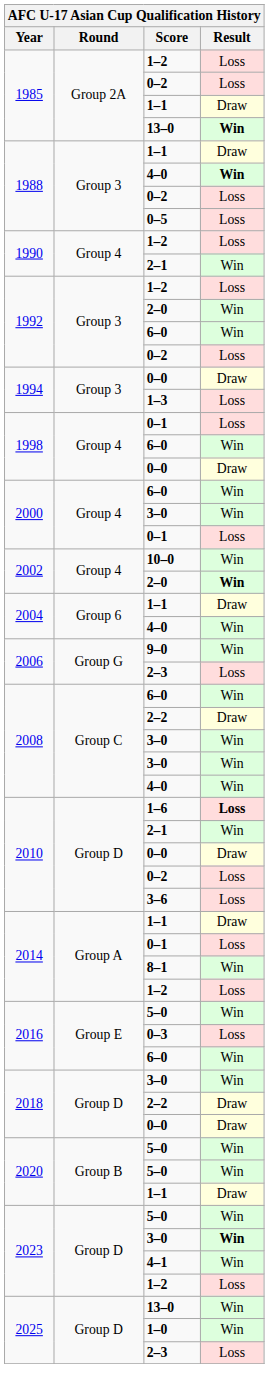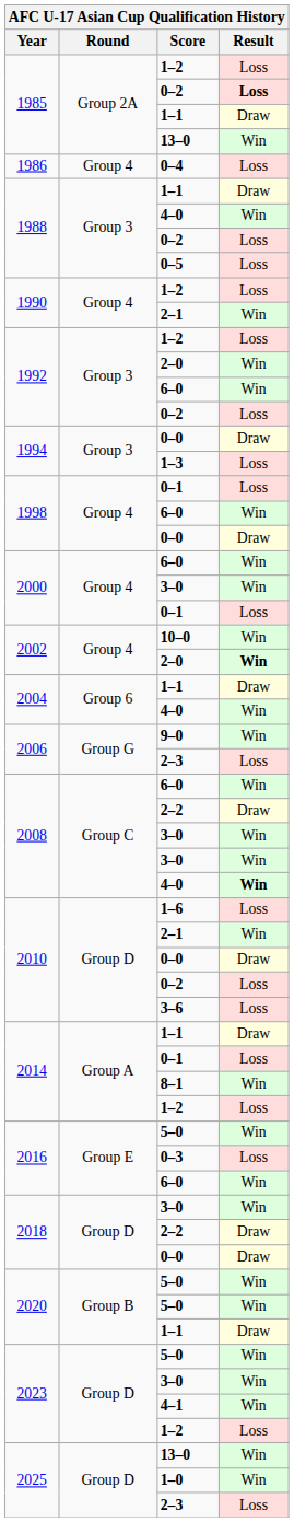 <table class="wikitable collapsible collapsed" style="text-align: center;font-size:85%;">
 <tr>
 <th colspan=4>AFC U-17 Asian Cup Qualification History</th>
 </tr>
 <tr>
 <th>Year</th>
 <th>Round</th>
 <th>Score</th>
 <th>Result</th>
 </tr>
 <tr>
 <td rowspan=4><a href='#'>1985</a></td>
 <td rowspan=4>Group 2A</td>
 <td align="left"> <strong>1–2</strong> </td>
 <td style="background:#fdd;">Loss</td>
 </tr>
 <tr>
 <td align="left"> <strong>0–2</strong> </td>
-<td style="background:#fdd;">Loss</td>
+<td style="background:#fdd;"><strong>Loss</strong></td>
 </tr>
 <tr>
 <td align="left"> <strong>1–1</strong> </td>
 <td style="background:#ffd;">Draw</td>
 </tr>
 <tr>
 <td align="left"> <strong>13–0</strong> </td>
-<td style="background:#dfd;"><strong>Win</strong></td>
+<td style="background:#dfd;">Win</td>
+</tr>
+<tr>
+<td rowspan=1><a href='#'>1986</a></td>
+<td rowspan=1>Group 4</td>
+<td align="left"> <strong>0–4</strong> </td>
+<td style="background:#fdd;">Loss</td>
 </tr>
 <tr>
 <td rowspan=4><a href='#'>1988</a></td>
 <td rowspan=4>Group 3</td>
 <td align="left"> <strong>1–1</strong> </td>
 <td style="background:#ffd;">Draw</td>
 </tr>
 <tr>
 <td align="left"> <strong>4–0</strong> </td>
-<td style="background:#dfd;"><strong>Win</strong></td>
+<td style="background:#dfd;">Win</td>
 </tr>
 <tr>
 <td align="left"> <strong>0–2</strong> </td>
 <td style="background:#fdd;">Loss</td>
 </tr>
 <tr>
 <td align="left"> <strong>0–5</strong> </td>
 <td style="background:#fdd;">Loss</td>
 </tr>
 <tr>
 <td rowspan=2><a href='#'>1990</a></td>
 <td rowspan=2>Group 4</td>
 <td align="left"> <strong>1–2</strong> </td>
 <td style="background:#fdd;">Loss</td>
 </tr>
 <tr>
 <td align="left"> <strong>2–1</strong> </td>
 <td style="background:#dfd;">Win</td>
 </tr>
 <tr>
 <td rowspan=4><a href='#'>1992</a></td>
 <td rowspan=4>Group 3</td>
 <td align="left"> <strong>1–2</strong> </td>
 <td style="background:#fdd;">Loss</td>
 </tr>
 <tr>
 <td align="left"> <strong>2–0</strong> </td>
 <td style="background:#dfd;">Win</td>
 </tr>
 <tr>
 <td align="left"> <strong>6–0</strong> </td>
 <td style="background:#dfd;">Win</td>
 </tr>
 <tr>
 <td align="left"> <strong>0–2</strong> </td>
 <td style="background:#fdd;">Loss</td>
 </tr>
 <tr>
 <td rowspan=2><a href='#'>1994</a></td>
 <td rowspan=2>Group 3</td>
 <td align="left"> <strong>0–0</strong> </td>
 <td style="background:#ffd;">Draw</td>
 </tr>
 <tr>
 <td align="left"> <strong>1–3</strong> </td>
 <td style="background:#fdd;">Loss</td>
 </tr>
 <tr>
 <td rowspan=3><a href='#'>1998</a></td>
 <td rowspan=3>Group 4</td>
 <td align="left"> <strong>0–1</strong> </td>
 <td style="background:#fdd;">Loss</td>
 </tr>
 <tr>
 <td align="left"> <strong>6–0</strong> </td>
 <td style="background:#dfd;">Win</td>
 </tr>
 <tr>
 <td align="left"> <strong>0–0</strong> </td>
 <td style="background:#ffd;">Draw</td>
 </tr>
 <tr>
 <td rowspan=3><a href='#'>2000</a></td>
 <td rowspan=3>Group 4</td>
 <td align="left"> <strong>6–0</strong> </td>
 <td style="background:#dfd;">Win</td>
 </tr>
 <tr>
 <td align="left"> <strong>3–0</strong> </td>
 <td style="background:#dfd;">Win</td>
 </tr>
 <tr>
 <td align="left"> <strong>0–1</strong> </td>
 <td style="background:#fdd;">Loss</td>
 </tr>
 <tr>
 <td rowspan=2><a href='#'>2002</a></td>
 <td rowspan=2>Group 4</td>
 <td align="left"> <strong>10–0</strong> </td>
 <td style="background:#dfd;">Win</td>
 </tr>
 <tr>
 <td align="left"> <strong>2–0</strong> </td>
 <td style="background:#dfd;"><strong>Win</strong></td>
 </tr>
 <tr>
 <td rowspan=2><a href='#'>2004</a></td>
 <td rowspan=2>Group 6</td>
 <td align="left"> <strong>1–1</strong> </td>
 <td style="background:#ffd;">Draw</td>
 </tr>
 <tr>
 <td align="left"> <strong>4–0</strong> </td>
 <td style="background:#dfd;">Win</td>
 </tr>
 <tr>
 <td rowspan=2><a href='#'>2006</a></td>
 <td rowspan=2>Group G</td>
 <td align="left"> <strong>9–0</strong> </td>
 <td style="background:#dfd;">Win</td>
 </tr>
 <tr>
 <td align="left"> <strong>2–3</strong> </td>
 <td style="background:#fdd;">Loss</td>
 </tr>
 <tr>
 <td rowspan=5><a href='#'>2008</a></td>
 <td rowspan=5>Group C</td>
 <td align="left"> <strong>6–0</strong> </td>
 <td style="background:#dfd;">Win</td>
 </tr>
 <tr>
 <td align="left"> <strong>2–2</strong> </td>
 <td style="background:#ffd;">Draw</td>
 </tr>
 <tr>
 <td align="left"> <strong>3–0</strong> </td>
 <td style="background:#dfd;">Win</td>
 </tr>
 <tr>
 <td align="left"> <strong>3–0</strong> </td>
 <td style="background:#dfd;">Win</td>
 </tr>
 <tr>
 <td align="left"> <strong>4–0</strong> </td>
-<td style="background:#dfd;">Win</td>
+<td style="background:#dfd;"><strong>Win</strong></td>
 </tr>
 <tr>
 <td rowspan=5><a href='#'>2010</a></td>
 <td rowspan=5>Group D</td>
 <td align="left"> <strong>1–6</strong> </td>
-<td style="background:#fdd;"><strong>Loss</strong></td>
+<td style="background:#fdd;">Loss</td>
 </tr>
 <tr>
 <td align="left"> <strong>2–1</strong> </td>
 <td style="background:#dfd;">Win</td>
 </tr>
 <tr>
 <td align="left"> <strong>0–0</strong> </td>
 <td style="background:#ffd;">Draw</td>
 </tr>
 <tr>
 <td align="left"> <strong>0–2</strong> </td>
 <td style="background:#fdd;">Loss</td>
 </tr>
 <tr>
 <td align="left"> <strong>3–6</strong> </td>
 <td style="background:#fdd;">Loss</td>
 </tr>
 <tr>
 <td rowspan=4><a href='#'>2014</a></td>
 <td rowspan=4>Group A</td>
 <td align="left"> <strong>1–1</strong> </td>
 <td style="background:#ffd;">Draw</td>
 </tr>
 <tr>
 <td align="left"> <strong>0–1</strong> </td>
 <td style="background:#fdd;">Loss</td>
 </tr>
 <tr>
 <td align="left"> <strong>8–1</strong> </td>
 <td style="background:#dfd;">Win</td>
 </tr>
 <tr>
 <td align="left"> <strong>1–2</strong> </td>
 <td style="background:#fdd;">Loss</td>
 </tr>
 <tr>
 <td rowspan=3><a href='#'>2016</a></td>
 <td rowspan=3>Group E</td>
 <td align="left"> <strong>5–0</strong> </td>
 <td style="background:#dfd;">Win</td>
 </tr>
 <tr>
 <td align="left"> <strong>0–3</strong> </td>
 <td style="background:#fdd;">Loss</td>
 </tr>
 <tr>
 <td align="left"> <strong>6–0</strong> </td>
 <td style="background:#dfd;">Win</td>
 </tr>
 <tr>
 <td rowspan=3><a href='#'>2018</a></td>
 <td rowspan=3>Group D</td>
 <td align="left"> <strong>3–0</strong> </td>
 <td style="background:#dfd;">Win</td>
 </tr>
 <tr>
 <td align="left"> <strong>2–2</strong> </td>
 <td style="background:#ffd;">Draw</td>
 </tr>
 <tr>
 <td align="left"> <strong>0–0</strong> </td>
 <td style="background:#ffd;">Draw</td>
 </tr>
 <tr>
 <td rowspan=3><a href='#'>2020</a></td>
 <td rowspan=3>Group B</td>
 <td align="left"> <strong>5–0</strong> </td>
 <td style="background:#dfd;">Win</td>
 </tr>
 <tr>
 <td align="left"> <strong>5–0</strong> </td>
 <td style="background:#dfd;">Win</td>
 </tr>
 <tr>
 <td align="left"> <strong>1–1</strong> </td>
 <td style="background:#ffd;">Draw</td>
 </tr>
 <tr>
 <td rowspan=4><a href='#'>2023</a></td>
 <td rowspan=4>Group D</td>
 <td align="left"> <strong>5–0</strong> </td>
 <td style="background:#dfd;">Win</td>
 </tr>
 <tr>
 <td align="left"> <strong>3–0</strong> </td>
-<td style="background:#dfd;"><strong>Win</strong></td>
+<td style="background:#dfd;">Win</td>
 </tr>
 <tr>
 <td align="left"> <strong>4–1</strong> </td>
 <td style="background:#dfd;">Win</td>
 </tr>
 <tr>
 <td align="left"> <strong>1–2</strong> </td>
 <td style="background:#fdd;">Loss</td>
 </tr>
 <tr>
 <td rowspan=3><a href='#'>2025</a></td>
 <td rowspan=3>Group D</td>
 <td align="left"> <strong>13–0</strong> </td>
 <td style="background:#dfd;">Win</td>
 </tr>
 <tr>
 <td align="left"> <strong>1–0</strong> </td>
 <td style="background:#dfd;">Win</td>
 </tr>
 <tr>
 <td align="left"> <strong>2–3</strong> </td>
 <td style="background:#fdd;">Loss</td>
 </tr>
 <tr>
 </tr>
 </table>
